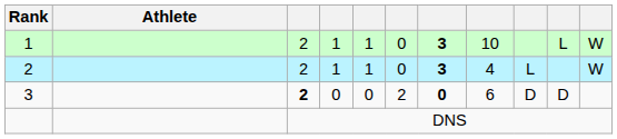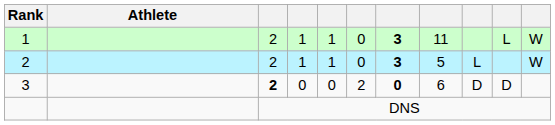 <table class="wikitable" style="text-align: center;">
 <tr>
 <th width=25>Rank</th>
 <th width=225>Athlete</th>
 <th width=25></th>
 <th width=25></th>
 <th width=25></th>
 <th width=25></th>
 <th width=40></th>
 <th width=40></th>
 <th width=25></th>
 <th width=25></th>
 <th width=25></th>
 </tr>
 <tr bgcolor=ccffcc>
 <td>1</td>
 <td align=left></td>
 <td>2</td>
 <td>1</td>
 <td>1</td>
 <td>0</td>
 <td><strong>3</strong></td>
-<td>10</td>
+<td>11</td>
 <td></td>
 <td>L</td>
 <td>W</td>
 </tr>
 <tr bgcolor=bbf3ff>
 <td>2</td>
 <td align=left></td>
 <td>2</td>
 <td>1</td>
 <td>1</td>
 <td>0</td>
 <td><strong>3</strong></td>
-<td>4</td>
+<td>5</td>
 <td>L</td>
 <td></td>
 <td>W</td>
 </tr>
 <tr>
 <td>3</td>
 <td align=left></td>
 <td><strong>2</strong></td>
 <td>0</td>
 <td>0</td>
 <td>2</td>
 <td><strong>0</strong></td>
 <td>6</td>
 <td>D</td>
 <td>D</td>
 <td></td>
 </tr>
 <tr>
 <td></td>
 <td align=left></td>
 <td colspan=9>DNS</td>
 </tr>
 </table>
